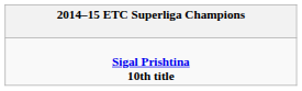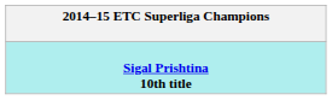 <table class="wikitable" style="margin: 0 auto; width: 30%;">
 <tr>
 <th>2014–15 ETC Superliga Champions<br><br></th>
 </tr>
 <tr>
-<td align=center><br><strong><a href='#'>Sigal Prishtina</a></strong><br><strong>10th title</strong></td>
+<td align=center style="background: paleturquoise;"><br><strong><a href='#'>Sigal Prishtina</a></strong><br><strong>10th title</strong></td>
 </tr>
 </table>
